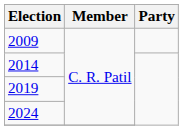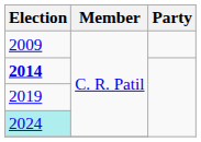 <table class="wikitable sortable">
 <tr>
 <th>Election</th>
 <th>Member</th>
 <th colspan="2">Party</th>
 </tr>
 <tr>
 <td><a href='#'>2009</a></td>
 <td rowspan="4"><a href='#'>C. R. Patil</a></td>
 <td></td>
 </tr>
 <tr>
-<td><a href='#'>2014</a></td>
+<td><strong><a href='#'>2014</a></strong></td>
 </tr>
 <tr>
 <td><a href='#'>2019</a></td>
 </tr>
 <tr>
-<td><a href='#'>2024</a></td>
+<td style="background: paleturquoise;"><a href='#'>2024</a></td>
 </tr>
 <tr>
 </tr>
 </table>
